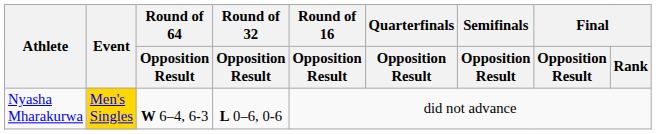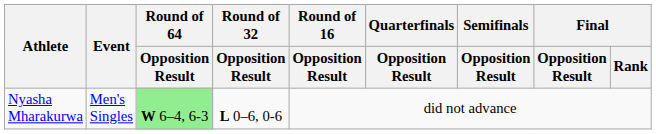 <table class="wikitable" style="font-size:90%">
 <tr>
 <th rowspan="2">Athlete</th>
 <th rowspan="2">Event</th>
 <th>Round of 64</th>
 <th>Round of 32</th>
 <th>Round of 16</th>
 <th>Quarterfinals</th>
 <th>Semifinals</th>
 <th colspan="2">Final</th>
 </tr>
 <tr>
 <th>Opposition<br>Result</th>
 <th>Opposition<br>Result</th>
 <th>Opposition<br>Result</th>
 <th>Opposition<br>Result</th>
 <th>Opposition<br>Result</th>
 <th>Opposition<br>Result</th>
 <th>Rank</th>
 </tr>
 <tr align=center>
 <td align=left><a href='#'>Nyasha Mharakurwa</a></td>
-<td align=left style="background: gold;"><a href='#'>Men's Singles</a></td>
-<td> <br> <strong>W</strong> 6–4, 6-3</td>
+<td align=left><a href='#'>Men's Singles</a></td>
+<td style="background: lightgreen;"> <br> <strong>W</strong> 6–4, 6-3</td>
 <td> <br> <strong>L</strong> 0–6, 0-6</td>
 <td colspan=5>did not advance</td>
 </tr>
 </table>
